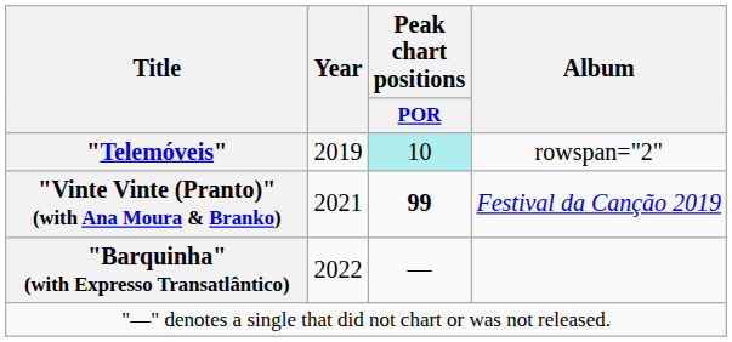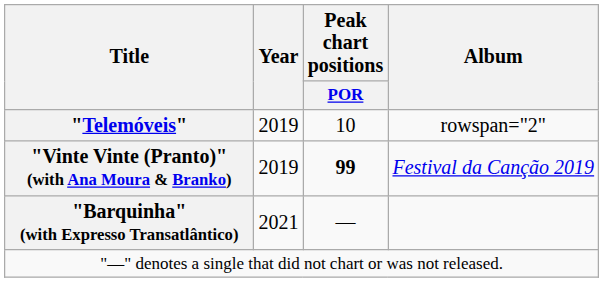 <table class="wikitable plainrowheaders" style="text-align:center;" border="1">
 <tr>
 <th scope="col" rowspan="2" style="width:12em;">Title</th>
 <th scope="col" rowspan="2" style="width:1em;">Year</th>
 <th scope="col">Peak chart positions</th>
 <th scope="col" rowspan="2">Album</th>
 </tr>
 <tr>
 <th scope="col" style="width:3em;font-size:85%;"><a href='#'>POR</a><br></th>
 </tr>
 <tr>
 <th scope="row">"<a href='#'>Telemóveis</a>"</th>
 <td>2019</td>
-<td style="background: paleturquoise;">10</td>
+<td>10</td>
 <td>rowspan="2" </td>
 </tr>
 <tr>
 <th scope="row">"Vinte Vinte (Pranto)"<br><small>(with <a href='#'>Ana Moura</a> & <a href='#'>Branko</a>)</small></th>
-<td>2021</td>
+<td>2019</td>
 <td><strong>99</strong></td>
 <td><em><a href='#'>Festival da Canção 2019</a></em></td>
 </tr>
 <tr>
 <th scope="row">"Barquinha"<br><small>(with Expresso Transatlântico)</small></th>
-<td>2022</td>
+<td>2021</td>
 <td>—</td>
 </tr>
 <tr>
 <td style="font-size:85%;" colspan="22">"—" denotes a single that did not chart or was not released.</td>
 </tr>
 </table>
